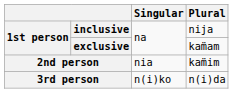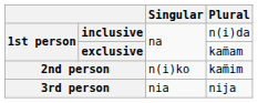 <table class="wikitable">
 <tr>
 <th colspan="2"></th>
 <th>Singular</th>
 <th>Plural</th>
 </tr>
 <tr>
 <th rowspan="2">1st person</th>
 <th>inclusive</th>
 <td rowspan="2">na</td>
-<td>nija</td>
+<td>n(i)da</td>
 </tr>
 <tr>
 <th>exclusive</th>
 <td>kam̈am</td>
 </tr>
 <tr>
 <th colspan="2">2nd person</th>
-<td>nia</td>
+<td>n(i)ko</td>
 <td>kam̈im</td>
 </tr>
 <tr>
 <th colspan="2">3rd person</th>
-<td>n(i)ko</td>
-<td>n(i)da</td>
+<td>nia</td>
+<td>nija</td>
 </tr>
 </table>
